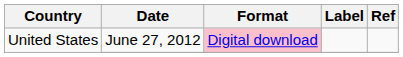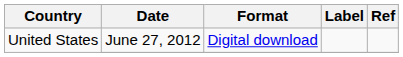 <table class="wikitable">
 <tr>
 <th scope="col">Country</th>
 <th scope="col">Date</th>
 <th scope="col">Format</th>
 <th scope="col">Label</th>
 <th scope="col">Ref</th>
 </tr>
 <tr>
 <td rowspan="2">United States</td>
 <td>June 27, 2012</td>
-<td style="background: pink;"><a href='#'>Digital download</a></td>
+<td><a href='#'>Digital download</a></td>
 <td></td>
 <td></td>
 </tr>
 <tr>
 </tr>
 </table>
